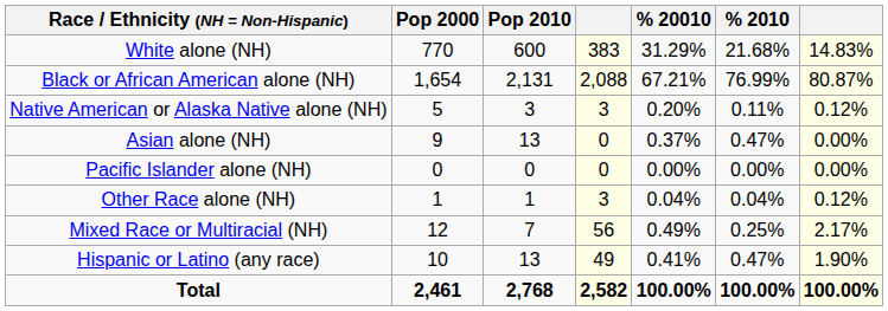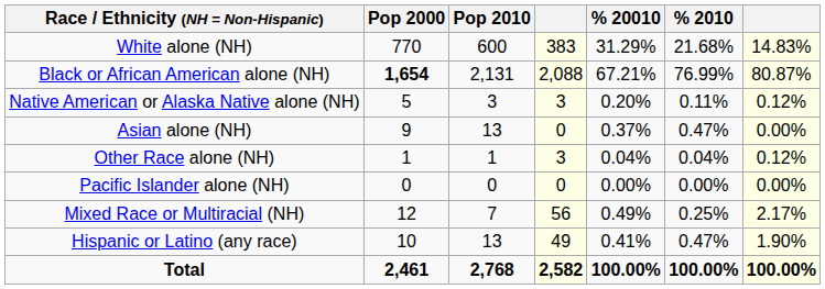 <table class="wikitable" style="text-align:center;">
 <tr>
 <th>Race / Ethnicity <small>(<em>NH = Non-Hispanic</em>)</small></th>
 <th>Pop 2000</th>
 <th>Pop 2010</th>
 <th></th>
 <th>% 20010</th>
 <th>% 2010</th>
 <th></th>
 </tr>
 <tr>
 <td><a href='#'>White</a> alone (NH)</td>
 <td>770</td>
 <td>600</td>
 <td style='background: #ffffe6;'>383</td>
 <td>31.29%</td>
 <td>21.68%</td>
 <td style='background: #ffffe6;'>14.83%</td>
 </tr>
 <tr>
 <td><a href='#'>Black or African American</a> alone (NH)</td>
-<td>1,654</td>
+<td><strong>1,654</strong></td>
 <td>2,131</td>
 <td style='background: #ffffe6;'>2,088</td>
 <td>67.21%</td>
 <td>76.99%</td>
 <td style='background: #ffffe6;'>80.87%</td>
 </tr>
 <tr>
 <td><a href='#'>Native American</a> or <a href='#'>Alaska Native</a> alone (NH)</td>
 <td>5</td>
 <td>3</td>
 <td style='background: #ffffe6;'>3</td>
 <td>0.20%</td>
 <td>0.11%</td>
 <td style='background: #ffffe6;'>0.12%</td>
 </tr>
 <tr>
 <td><a href='#'>Asian</a> alone (NH)</td>
 <td>9</td>
 <td>13</td>
 <td style='background: #ffffe6;'>0</td>
 <td>0.37%</td>
 <td>0.47%</td>
 <td style='background: #ffffe6;'>0.00%</td>
 </tr>
 <tr>
+<td><a href='#'>Other Race</a> alone (NH)</td>
+<td>1</td>
+<td>1</td>
+<td style='background: #ffffe6;'>3</td>
+<td>0.04%</td>
+<td>0.04%</td>
+<td style='background: #ffffe6;'>0.12%</td>
+</tr>
+<tr>
 <td><a href='#'>Pacific Islander</a> alone (NH)</td>
 <td>0</td>
 <td>0</td>
 <td style='background: #ffffe6;'>0</td>
 <td>0.00%</td>
 <td>0.00%</td>
 <td style='background: #ffffe6;'>0.00%</td>
-</tr>
-<tr>
-<td><a href='#'>Other Race</a> alone (NH)</td>
-<td>1</td>
-<td>1</td>
-<td style='background: #ffffe6;'>3</td>
-<td>0.04%</td>
-<td>0.04%</td>
-<td style='background: #ffffe6;'>0.12%</td>
 </tr>
 <tr>
 <td><a href='#'>Mixed Race or Multiracial</a> (NH)</td>
 <td>12</td>
 <td>7</td>
 <td style='background: #ffffe6;'>56</td>
 <td>0.49%</td>
 <td>0.25%</td>
 <td style='background: #ffffe6;'>2.17%</td>
 </tr>
 <tr>
 <td><a href='#'>Hispanic or Latino</a> (any race)</td>
 <td>10</td>
 <td>13</td>
 <td style='background: #ffffe6;'>49</td>
 <td>0.41%</td>
 <td>0.47%</td>
 <td style='background: #ffffe6;'>1.90%</td>
 </tr>
 <tr>
 <td><strong>Total</strong></td>
 <td><strong>2,461</strong></td>
 <td><strong>2,768</strong></td>
 <td style='background: #ffffe6;'><strong>2,582</strong></td>
 <td><strong>100.00%</strong></td>
 <td><strong>100.00%</strong></td>
 <td style='background: #ffffe6;'><strong>100.00%</strong></td>
 </tr>
 </table>
